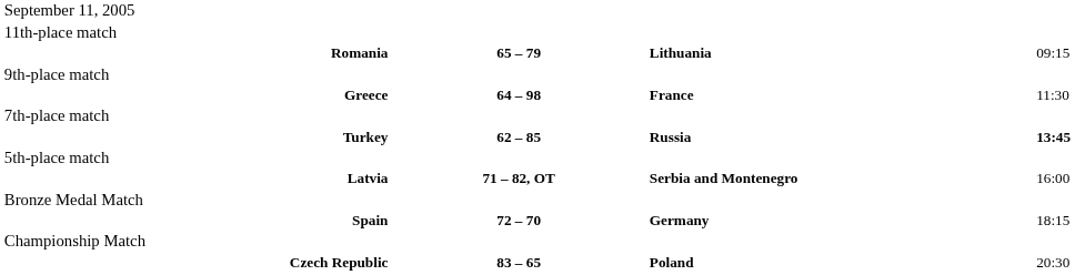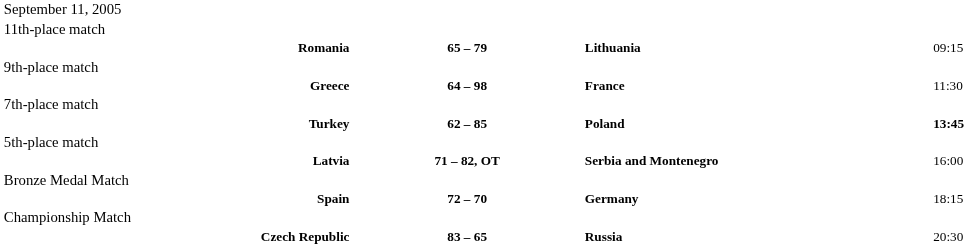 <table width=100% cellspacing=1>
 <tr>
 <th width=30%></th>
 <th width=20%></th>
 <th width=30%></th>
 <th width=20%></th>
 </tr>
 <tr>
 <td>September 11, 2005</td>
 </tr>
 <tr>
 <td>11th-place match</td>
 </tr>
 <tr style=font-size:90%>
 <td align=right><strong>Romania</strong></td>
 <td align=center><strong>65 – 79</strong></td>
 <td><strong>Lithuania</strong></td>
 <td>09:15</td>
 </tr>
 <tr>
 <td>9th-place match</td>
 </tr>
 <tr style=font-size:90%>
 <td align=right><strong>Greece</strong></td>
 <td align=center><strong>64 – 98</strong></td>
 <td><strong>France</strong></td>
 <td>11:30</td>
 </tr>
 <tr>
 <td>7th-place match</td>
 </tr>
 <tr style=font-size:90%>
 <td align=right><strong>Turkey</strong></td>
 <td align=center><strong>62 – 85</strong></td>
-<td><strong>Russia</strong></td>
+<td><strong>Poland</strong></td>
 <td><strong>13:45</strong></td>
 </tr>
 <tr>
 <td>5th-place match</td>
 </tr>
 <tr style=font-size:90%>
 <td align=right><strong>Latvia</strong></td>
 <td align=center><strong>71 – 82, OT</strong></td>
 <td><strong>Serbia and Montenegro</strong></td>
 <td>16:00</td>
 </tr>
 <tr>
 <td>Bronze Medal Match</td>
 </tr>
 <tr style=font-size:90%>
 <td align=right><strong>Spain</strong></td>
 <td align=center><strong>72 – 70</strong></td>
 <td><strong>Germany</strong></td>
 <td>18:15</td>
 </tr>
 <tr>
 <td>Championship Match</td>
 </tr>
 <tr style=font-size:90%>
 <td align=right><strong>Czech Republic</strong></td>
 <td align=center><strong>83 – 65</strong></td>
-<td><strong>Poland</strong></td>
+<td><strong>Russia</strong></td>
 <td>20:30</td>
 </tr>
 </table>
